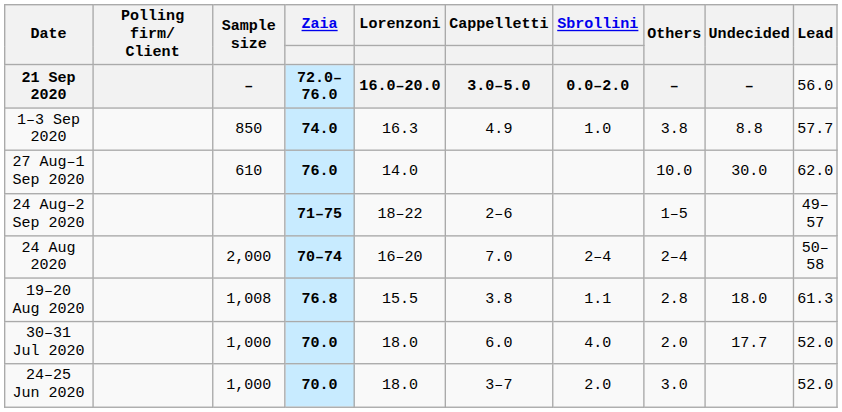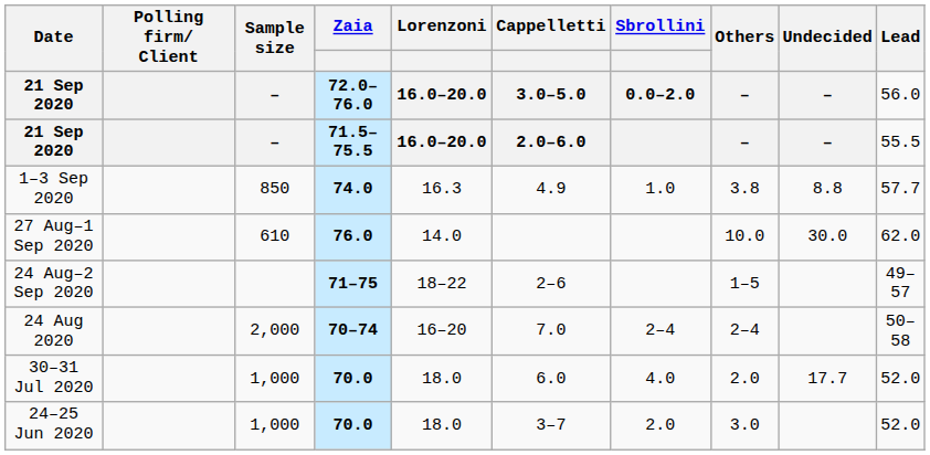 <table class="wikitable collapsible collapsed" style="text-align:center;font-size:85%;line-height:13px">
 <tr style="height:30px; background-color:#E9E9E9">
 <th style="width:110px;" rowspan="2">Date</th>
 <th style="width:140px;" rowspan="2">Polling firm/<br>Client</th>
 <th style="width:60px;" rowspan="2">Sample size</th>
 <th style="width:65px;"><a href='#'>Zaia</a></th>
 <th style="width:65px;">Lorenzoni</th>
 <th style="width:65px;">Cappelletti</th>
 <th style="width:65px;"><a href='#'>Sbrollini</a></th>
 <th style="width:35px;" rowspan="2">Others</th>
 <th style="width:35px;" rowspan="2">Undecided</th>
 <th style="width:25px;" rowspan="2">Lead</th>
 </tr>
 <tr>
 <th style="background:"></th>
 <th style="background:"></th>
 <th style="background:"></th>
 <th style="background:"></th>
 </tr>
 <tr>
 <th>21 Sep 2020</th>
 <th></th>
 <th>–</th>
 <th style="background:#C8EBFF"><strong>72.0–76.0</strong></th>
 <th>16.0–20.0</th>
 <th>3.0–5.0</th>
 <th>0.0–2.0</th>
 <th>–</th>
 <th>–</th>
 <td style="background:">56.0</td>
+</tr>
+<tr>
+<th>21 Sep 2020</th>
+<th></th>
+<th>–</th>
+<th style="background:#C8EBFF"><strong>71.5–75.5</strong></th>
+<th>16.0–20.0</th>
+<th>2.0–6.0</th>
+<th></th>
+<th>–</th>
+<th>–</th>
+<td style="background:">55.5</td>
 </tr>
 <tr>
 <td>1–3 Sep 2020</td>
 <td></td>
 <td>850</td>
 <td style="background:#C8EBFF"><strong>74.0</strong></td>
 <td>16.3</td>
 <td>4.9</td>
 <td>1.0</td>
 <td>3.8</td>
 <td>8.8</td>
 <td style="background:">57.7</td>
 </tr>
 <tr>
 <td>27 Aug–1 Sep 2020</td>
 <td></td>
 <td>610</td>
 <td style="background:#C8EBFF"><strong>76.0</strong></td>
 <td>14.0</td>
 <td></td>
 <td></td>
 <td>10.0</td>
 <td>30.0</td>
 <td style="background:">62.0</td>
 </tr>
 <tr>
 <td>24 Aug–2 Sep 2020</td>
 <td></td>
 <td></td>
 <td style="background:#C8EBFF"><strong>71–75</strong></td>
 <td>18–22</td>
 <td>2–6</td>
 <td></td>
 <td>1–5</td>
 <td></td>
 <td style="background:">49–57</td>
 </tr>
 <tr>
 <td>24 Aug 2020</td>
 <td></td>
 <td>2,000</td>
 <td style="background:#C8EBFF"><strong>70–74</strong></td>
 <td>16–20</td>
 <td>7.0</td>
 <td>2–4</td>
 <td>2–4</td>
 <td></td>
 <td style="background:">50–58</td>
 </tr>
 <tr>
-<td>19–20 Aug 2020</td>
-<td></td>
-<td>1,008</td>
-<td style="background:#C8EBFF"><strong>76.8</strong></td>
-<td>15.5</td>
-<td>3.8</td>
-<td>1.1</td>
-<td>2.8</td>
-<td>18.0</td>
-<td style="background:">61.3</td>
-</tr>
-<tr>
 <td>30–31 Jul 2020</td>
 <td></td>
 <td>1,000</td>
 <td style="background:#C8EBFF"><strong>70.0</strong></td>
 <td>18.0</td>
 <td>6.0</td>
 <td>4.0</td>
 <td>2.0</td>
 <td>17.7</td>
 <td style="background:">52.0</td>
 </tr>
 <tr>
 <td>24–25 Jun 2020</td>
 <td></td>
 <td>1,000</td>
 <td style="background:#C8EBFF"><strong>70.0</strong></td>
 <td>18.0</td>
 <td>3–7</td>
 <td>2.0</td>
 <td>3.0</td>
 <td></td>
 <td style="background:">52.0</td>
 </tr>
 </table>
